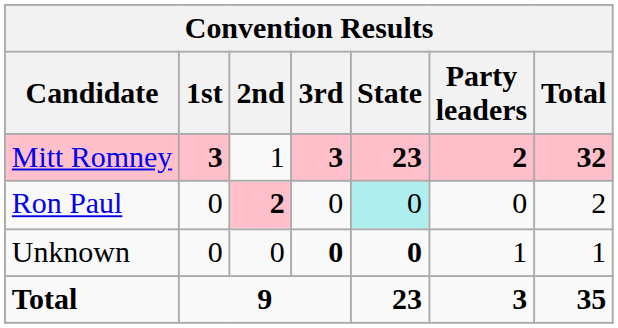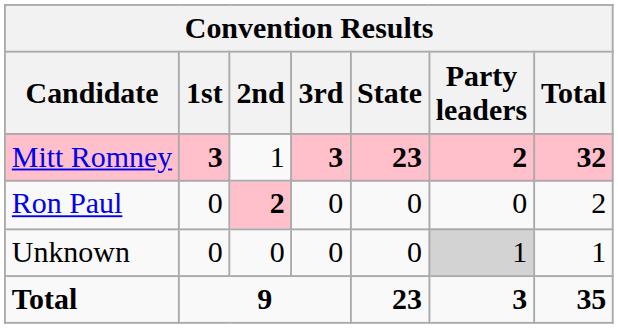 <table class=wikitable>
 <tr>
 <th colspan=14>Convention Results</th>
 </tr>
 <tr>
 <th>Candidate</th>
 <th>1st</th>
 <th>2nd</th>
 <th>3rd</th>
 <th>State</th>
 <th>Party<br>leaders</th>
 <th>Total</th>
 </tr>
 <tr style="text-align:right;">
 <td align="left" bgcolor="pink"><a href='#'>Mitt Romney</a></td>
 <td bgcolor="pink"><strong>3</strong></td>
 <td>1</td>
 <td bgcolor="pink"><strong>3</strong></td>
 <td bgcolor="pink"><strong>23</strong></td>
 <td bgcolor="pink"><strong>2</strong></td>
 <td bgcolor="pink"><strong>32</strong></td>
 </tr>
 <tr style="text-align:right;">
 <td align="left"><a href='#'>Ron Paul</a></td>
 <td>0</td>
 <td bgcolor="pink"><strong>2</strong></td>
 <td>0</td>
-<td style="background: paleturquoise;">0</td>
+<td>0</td>
 <td>0</td>
 <td>2</td>
 </tr>
 <tr style="text-align:right;">
 <td align="left">Unknown</td>
 <td>0</td>
 <td>0</td>
-<td><strong>0</strong></td>
-<td><strong>0</strong></td>
-<td>1</td>
+<td>0</td>
+<td>0</td>
+<td style="background: lightgrey;">1</td>
 <td>1</td>
 </tr>
 <tr>
 <td><strong>Total</strong></td>
 <td colspan=3 align=center><strong>9</strong></td>
 <td align=right><strong>23</strong></td>
 <td align=right><strong>3</strong></td>
 <td align=right><strong>35</strong></td>
 </tr>
 </table>
